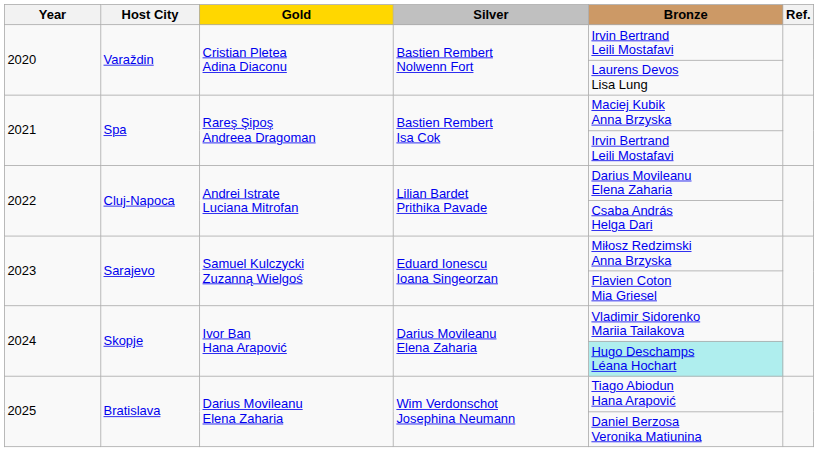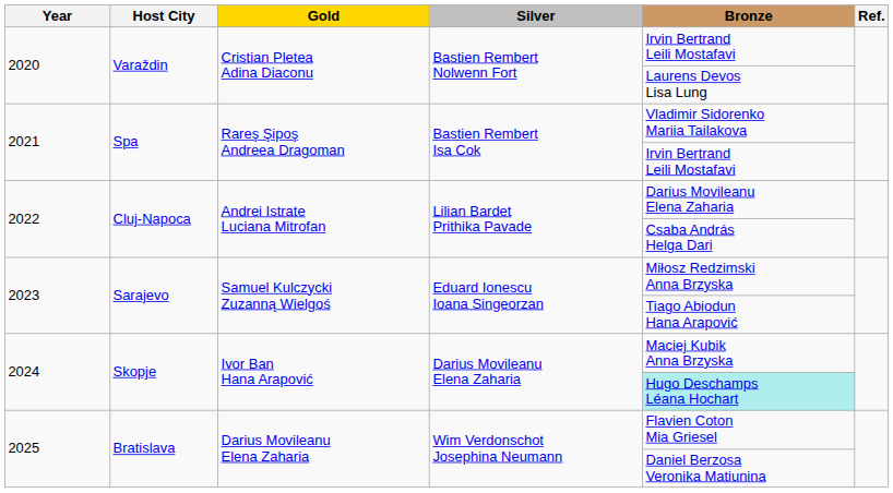 <table class="wikitable" style="text-align:left; width:1000px;">
 <tr>
 <th width="120">Year</th>
 <th width="120">Host City</th>
 <th width="250" style="background-color: gold">Gold</th>
 <th width="250" style="background-color: silver">Silver</th>
 <th width="250" style="background-color: #cc9966">Bronze</th>
 <th width="15">Ref.</th>
 </tr>
 <tr>
 <td rowspan=2>2020</td>
 <td rowspan=2><a href='#'>Varaždin</a></td>
 <td rowspan=2> <a href='#'>Cristian Pletea</a><br> <a href='#'>Adina Diaconu</a></td>
 <td rowspan=2> <a href='#'>Bastien Rembert</a><br> <a href='#'>Nolwenn Fort</a></td>
 <td> <a href='#'>Irvin Bertrand</a><br> <a href='#'>Leili Mostafavi</a></td>
 <td rowspan=2></td>
 </tr>
 <tr>
 <td> <a href='#'>Laurens Devos</a><br> Lisa Lung</td>
 </tr>
 <tr>
 <td rowspan=2>2021</td>
 <td rowspan=2><a href='#'>Spa</a></td>
 <td rowspan=2> <a href='#'>Rareş Şipoş</a><br> <a href='#'>Andreea Dragoman</a></td>
 <td rowspan=2> <a href='#'>Bastien Rembert</a><br> <a href='#'>Isa Cok</a></td>
-<td> <a href='#'>Maciej Kubik</a><br> <a href='#'>Anna Brzyska</a></td>
+<td> <a href='#'>Vladimir Sidorenko</a><br> <a href='#'>Mariia Tailakova</a></td>
 <td rowspan=2></td>
 </tr>
 <tr>
 <td> <a href='#'>Irvin Bertrand</a><br> <a href='#'>Leili Mostafavi</a></td>
 </tr>
 <tr>
 <td rowspan=2>2022</td>
 <td rowspan=2><a href='#'>Cluj-Napoca</a></td>
 <td rowspan=2> <a href='#'>Andrei Istrate</a><br> <a href='#'>Luciana Mitrofan</a></td>
 <td rowspan=2> <a href='#'>Lilian Bardet</a><br> <a href='#'>Prithika Pavade</a></td>
 <td> <a href='#'>Darius Movileanu</a><br> <a href='#'>Elena Zaharia</a></td>
 <td rowspan=2></td>
 </tr>
 <tr>
 <td> <a href='#'>Csaba András</a><br> <a href='#'>Helga Dari</a></td>
 </tr>
 <tr>
 <td rowspan=2>2023</td>
 <td rowspan=2><a href='#'>Sarajevo</a></td>
 <td rowspan=2> <a href='#'>Samuel Kulczycki</a><br> <a href='#'>Zuzanną Wielgoś</a></td>
 <td rowspan=2> <a href='#'>Eduard Ionescu</a><br> <a href='#'>Ioana Singeorzan</a></td>
 <td> <a href='#'>Miłosz Redzimski</a><br> <a href='#'>Anna Brzyska</a></td>
 <td rowspan=2></td>
 </tr>
 <tr>
-<td> <a href='#'>Flavien Coton</a><br> <a href='#'>Mia Griesel</a></td>
+<td> <a href='#'>Tiago Abiodun</a><br> <a href='#'>Hana Arapović</a></td>
 </tr>
 <tr>
 <td rowspan=2>2024</td>
 <td rowspan=2><a href='#'>Skopje</a></td>
 <td rowspan=2> <a href='#'>Ivor Ban</a><br> <a href='#'>Hana Arapović</a></td>
 <td rowspan=2> <a href='#'>Darius Movileanu</a><br> <a href='#'>Elena Zaharia</a></td>
-<td> <a href='#'>Vladimir Sidorenko</a><br> <a href='#'>Mariia Tailakova</a></td>
+<td> <a href='#'>Maciej Kubik</a><br> <a href='#'>Anna Brzyska</a></td>
 <td rowspan=2></td>
 </tr>
 <tr>
 <td style="background: paleturquoise;"> <a href='#'>Hugo Deschamps</a><br> <a href='#'>Léana Hochart</a></td>
 </tr>
 <tr>
 <td rowspan=2>2025</td>
 <td rowspan=2><a href='#'>Bratislava</a></td>
 <td rowspan=2> <a href='#'>Darius Movileanu</a><br> <a href='#'>Elena Zaharia</a></td>
 <td rowspan=2> <a href='#'>Wim Verdonschot</a><br> <a href='#'>Josephina Neumann</a></td>
-<td> <a href='#'>Tiago Abiodun</a><br> <a href='#'>Hana Arapović</a></td>
+<td> <a href='#'>Flavien Coton</a><br> <a href='#'>Mia Griesel</a></td>
 <td rowspan=2></td>
 </tr>
 <tr>
 <td> <a href='#'>Daniel Berzosa</a><br> <a href='#'>Veronika Matiunina</a></td>
 </tr>
 </table>
